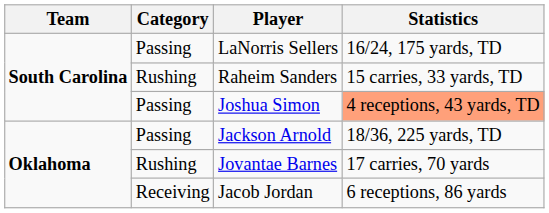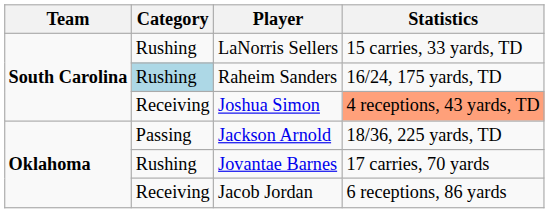 <table class="wikitable" style="float: right;">
 <tr>
 <th>Team</th>
 <th>Category</th>
 <th>Player</th>
 <th>Statistics</th>
 </tr>
 <tr>
 <td rowspan=3><strong>South Carolina</strong></td>
-<td>Passing</td>
+<td>Rushing</td>
 <td>LaNorris Sellers</td>
+<td>15 carries, 33 yards, TD</td>
+</tr>
+<tr>
+<td style="background: lightblue;">Rushing</td>
+<td>Raheim Sanders</td>
 <td>16/24, 175 yards, TD</td>
 </tr>
 <tr>
-<td>Rushing</td>
-<td>Raheim Sanders</td>
-<td>15 carries, 33 yards, TD</td>
-</tr>
-<tr>
-<td>Passing</td>
+<td>Receiving</td>
 <td><a href='#'>Joshua Simon</a></td>
 <td style="background: lightsalmon;">4 receptions, 43 yards, TD</td>
 </tr>
 <tr>
 <td rowspan=3><strong>Oklahoma</strong></td>
 <td>Passing</td>
 <td><a href='#'>Jackson Arnold</a></td>
 <td>18/36, 225 yards, TD</td>
 </tr>
 <tr>
 <td>Rushing</td>
 <td><a href='#'>Jovantae Barnes</a></td>
 <td>17 carries, 70 yards</td>
 </tr>
 <tr>
 <td>Receiving</td>
 <td>Jacob Jordan</td>
 <td>6 receptions, 86 yards</td>
 </tr>
 </table>
